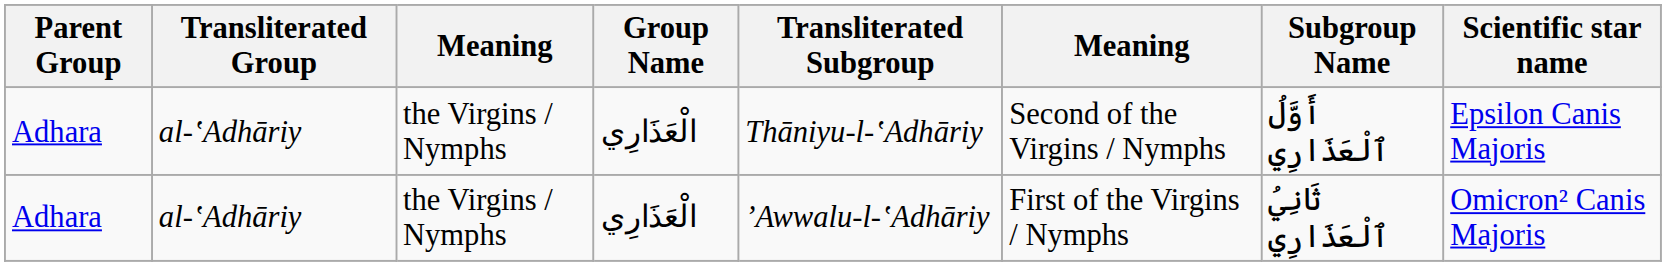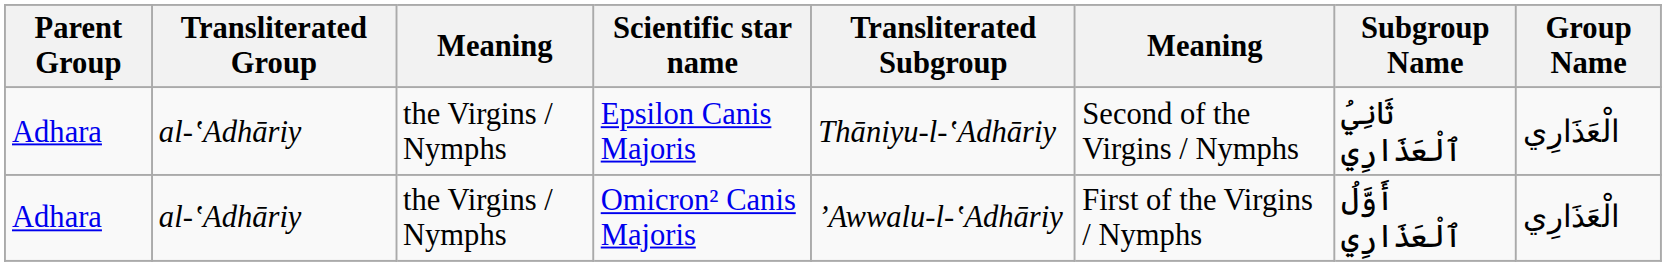 <table class="wikitable">
 <tr>
 <th>Parent Group</th>
 <th>Transliterated Group</th>
 <th>Meaning</th>
-<th>Group Name</th>
+<th>Scientific star name</th>
 <th>Transliterated Subgroup</th>
 <th>Meaning</th>
 <th>Subgroup Name</th>
-<th>Scientific star name</th>
+<th>Group Name</th>
 </tr>
 <tr>
 <td><a href='#'>Adhara</a></td>
 <td><em>al-ʽAdhāriy</em></td>
 <td>the Virgins / Nymphs</td>
-<td>الْعَذَارِي</td>
+<td><a href='#'>Epsilon Canis Majoris</a></td>
 <td><em>Thāniyu-l-ʽAdhāriy</em></td>
 <td>Second of the Virgins / Nymphs</td>
-<td>أَوَّلُ ٱلْعَذَارِي</td>
-<td><a href='#'>Epsilon Canis Majoris</a></td>
+<td>ثَانِيُ ٱلْعَذَارِي</td>
+<td>الْعَذَارِي</td>
 </tr>
 <tr>
 <td><a href='#'>Adhara</a></td>
 <td><em>al-ʽAdhāriy</em></td>
 <td>the Virgins / Nymphs</td>
-<td>الْعَذَارِي</td>
+<td><a href='#'>Omicron² Canis Majoris</a></td>
 <td><em>ʼAwwalu-l-ʽAdhāriy</em></td>
 <td>First of the Virgins / Nymphs</td>
-<td>ثَانِيُ ٱلْعَذَارِي</td>
-<td><a href='#'>Omicron² Canis Majoris</a></td>
+<td>أَوَّلُ ٱلْعَذَارِي</td>
+<td>الْعَذَارِي</td>
 </tr>
 </table>
